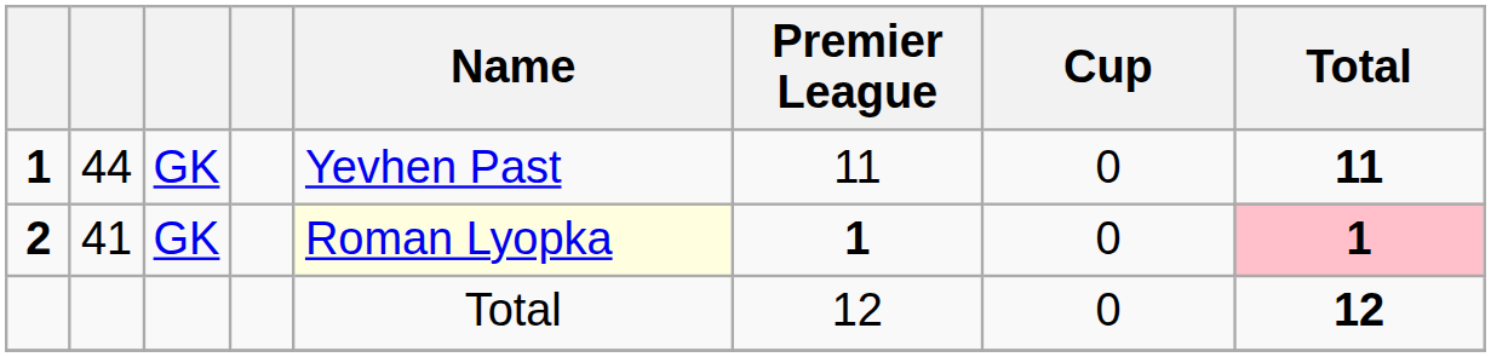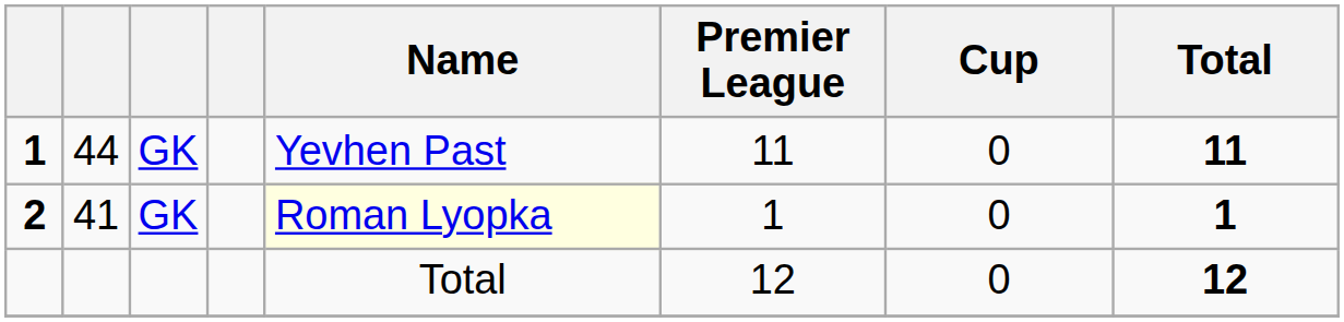 <table class="wikitable" style="text-align:center">
 <tr>
 <th width=15></th>
 <th width=15></th>
 <th width=15></th>
 <th width=15></th>
 <th width=145>Name</th>
 <th width=80><strong>Premier League</strong></th>
 <th width=80><strong>Cup</strong></th>
 <th width=80>Total</th>
 </tr>
 <tr>
 <td><strong>1</strong></td>
 <td>44</td>
 <td><a href='#'>GK</a></td>
 <td></td>
 <td align=left><a href='#'>Yevhen Past</a></td>
 <td>11</td>
 <td>0</td>
 <td><strong>11</strong></td>
 </tr>
 <tr>
 <td><strong>2</strong></td>
 <td>41</td>
 <td><a href='#'>GK</a></td>
 <td></td>
 <td align=left style="background: lightyellow;"><a href='#'>Roman Lyopka</a></td>
+<td>1</td>
+<td>0</td>
 <td><strong>1</strong></td>
-<td>0</td>
-<td style="background: pink;"><strong>1</strong></td>
 </tr>
 <tr>
 <td></td>
 <td></td>
 <td></td>
 <td></td>
 <td>Total</td>
 <td>12</td>
 <td>0</td>
 <td><strong>12</strong></td>
 </tr>
 <tr>
 </tr>
 </table>
